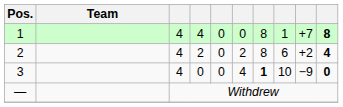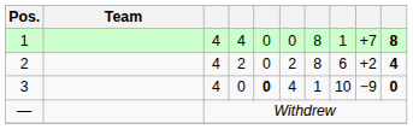 <table class="wikitable" style="text-align:center">
 <tr>
 <th width=30>Pos.</th>
 <th width=165>Team</th>
 <th width=20></th>
 <th width=20></th>
 <th width=20></th>
 <th width=20></th>
 <th width=20></th>
 <th width=20></th>
 <th width=20></th>
 <th width=20></th>
 </tr>
 <tr style="background:#cfc">
 <td>1</td>
 <td style="text-align:left"></td>
 <td>4</td>
 <td>4</td>
 <td>0</td>
 <td>0</td>
 <td>8</td>
 <td>1</td>
 <td>+7</td>
 <td><strong>8</strong></td>
 </tr>
 <tr>
 <td>2</td>
 <td style="text-align:left"></td>
 <td>4</td>
 <td>2</td>
 <td>0</td>
 <td>2</td>
 <td>8</td>
 <td>6</td>
 <td>+2</td>
 <td><strong>4</strong></td>
 </tr>
 <tr>
 <td>3</td>
 <td style="text-align:left"></td>
 <td>4</td>
 <td>0</td>
-<td>0</td>
+<td><strong>0</strong></td>
 <td>4</td>
-<td><strong>1</strong></td>
+<td>1</td>
 <td>10</td>
 <td>−9</td>
 <td><strong>0</strong></td>
 </tr>
 <tr>
 <td>—</td>
 <td style="text-align:left"></td>
 <td colspan=8><em>Withdrew</em></td>
 </tr>
 <tr>
 </tr>
 </table>
